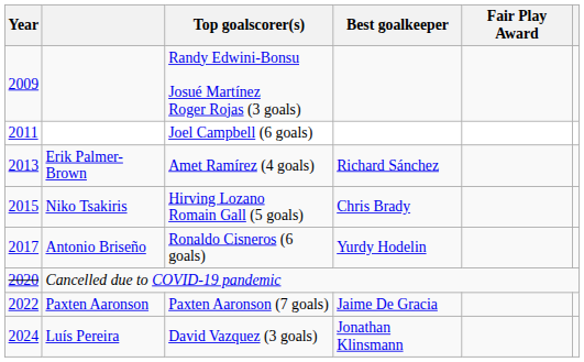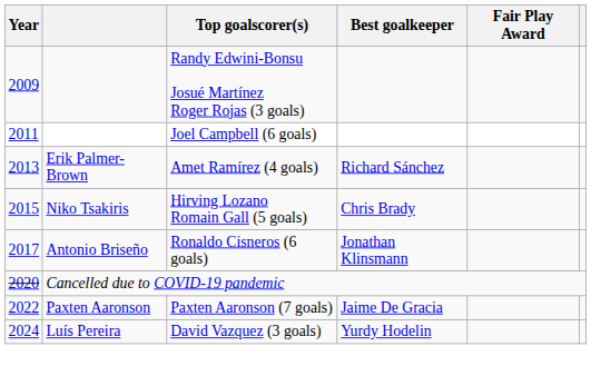 <table class="wikitable">
 <tr>
 <th>Year</th>
 <th></th>
 <th>Top goalscorer(s)</th>
 <th>Best goalkeeper</th>
 <th>Fair Play Award</th>
 <th></th>
 </tr>
 <tr>
 <td><a href='#'>2009</a></td>
 <td></td>
 <td> <a href='#'>Randy Edwini-Bonsu</a><br><br> <a href='#'>Josué Martínez</a><br>  <a href='#'>Roger Rojas</a> (3 goals)</td>
 <td></td>
 <td></td>
 <td></td>
 </tr>
 <tr bgcolor="FFFFFF">
 <td><a href='#'>2011</a></td>
 <td></td>
 <td> <a href='#'>Joel Campbell</a> (6 goals)</td>
 <td></td>
 <td></td>
 <td></td>
 </tr>
 <tr>
 <td><a href='#'>2013</a></td>
 <td> <a href='#'>Erik Palmer-Brown</a></td>
 <td> <a href='#'>Amet Ramírez</a> (4 goals)</td>
 <td> <a href='#'>Richard Sánchez</a></td>
 <td></td>
 <td></td>
 </tr>
 <tr>
 <td><a href='#'>2015</a></td>
 <td> <a href='#'>Niko Tsakiris</a></td>
 <td> <a href='#'>Hirving Lozano</a><br>  <a href='#'>Romain Gall</a> (5 goals)</td>
 <td> <a href='#'>Chris Brady</a></td>
 <td></td>
 <td></td>
 </tr>
 <tr>
 <td><a href='#'>2017</a></td>
 <td> <a href='#'>Antonio Briseño</a></td>
 <td> <a href='#'>Ronaldo Cisneros</a> (6 goals)</td>
-<td> <a href='#'>Yurdy Hodelin</a></td>
+<td> <a href='#'>Jonathan Klinsmann</a></td>
 <td></td>
 <td></td>
 </tr>
 <tr>
 <td><s><a href='#'>2020</a></s></td>
 <td colspan=5><em>Cancelled due to <a href='#'>COVID-19 pandemic</a></em></td>
 </tr>
 <tr>
 <td><a href='#'>2022</a></td>
 <td> <a href='#'>Paxten Aaronson</a></td>
 <td> <a href='#'>Paxten Aaronson</a> (7 goals)</td>
 <td> <a href='#'>Jaime De Gracia</a></td>
 <td></td>
 <td></td>
 </tr>
 <tr>
 <td><a href='#'>2024</a></td>
 <td> <a href='#'>Luís Pereira</a></td>
 <td> <a href='#'>David Vazquez</a> (3 goals)</td>
-<td> <a href='#'>Jonathan Klinsmann</a></td>
+<td> <a href='#'>Yurdy Hodelin</a></td>
 <td></td>
 <td></td>
 </tr>
 </table>
